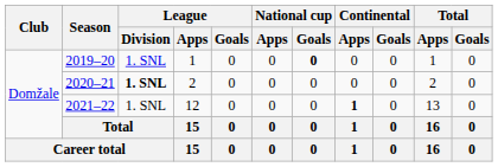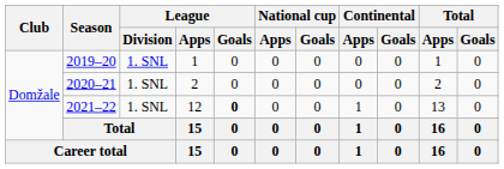 <table class="wikitable" style="text-align: center">
 <tr>
 <th rowspan="2">Club</th>
 <th rowspan="2">Season</th>
 <th colspan="3">League</th>
 <th colspan="2">National cup</th>
 <th colspan="2">Continental</th>
 <th colspan="2">Total</th>
 </tr>
 <tr>
 <th>Division</th>
 <th>Apps</th>
 <th>Goals</th>
 <th>Apps</th>
 <th>Goals</th>
 <th>Apps</th>
 <th>Goals</th>
 <th>Apps</th>
 <th>Goals</th>
 </tr>
 <tr>
 <td rowspan="4"><a href='#'>Domžale</a></td>
 <td><a href='#'>2019–20</a></td>
 <td><a href='#'>1. SNL</a></td>
 <td>1</td>
 <td>0</td>
 <td>0</td>
-<td><strong>0</strong></td>
+<td>0</td>
 <td>0</td>
 <td>0</td>
 <td>1</td>
 <td>0</td>
 </tr>
 <tr>
 <td><a href='#'>2020–21</a></td>
-<td><strong>1. SNL</strong></td>
+<td>1. SNL</td>
 <td>2</td>
 <td>0</td>
 <td>0</td>
 <td>0</td>
 <td>0</td>
 <td>0</td>
 <td>2</td>
 <td>0</td>
 </tr>
 <tr>
 <td><a href='#'>2021–22</a></td>
 <td>1. SNL</td>
 <td>12</td>
+<td><strong>0</strong></td>
 <td>0</td>
 <td>0</td>
-<td>0</td>
-<td><strong>1</strong></td>
+<td>1</td>
 <td>0</td>
 <td>13</td>
 <td>0</td>
 </tr>
 <tr>
 <th colspan="2">Total</th>
 <th>15</th>
 <th>0</th>
 <th>0</th>
 <th>0</th>
 <th>1</th>
 <th>0</th>
 <th>16</th>
 <th>0</th>
 </tr>
 <tr>
 <th colspan="3">Career total</th>
 <th>15</th>
 <th>0</th>
 <th>0</th>
 <th>0</th>
 <th>1</th>
 <th>0</th>
 <th>16</th>
 <th>0</th>
 </tr>
 </table>
